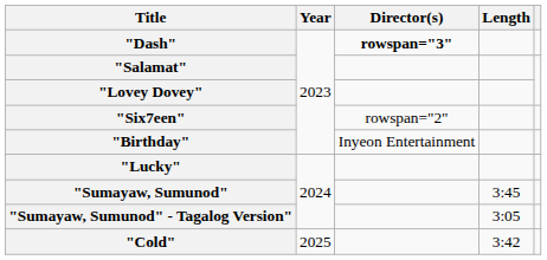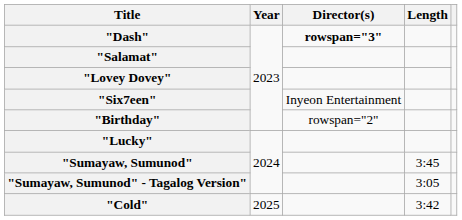 <table class="wikitable plainrowheaders" style="text-align:center">
 <tr>
 <th>Title</th>
 <th>Year</th>
 <th>Director(s)</th>
 <th>Length</th>
 <th></th>
 </tr>
 <tr>
 <th scope="row">"Dash"</th>
 <td rowspan="5">2023</td>
 <td><strong>rowspan="3" </strong></td>
 <td></td>
 <td></td>
 </tr>
 <tr>
 <th scope="row">"Salamat"</th>
 <td></td>
 <td></td>
 </tr>
 <tr>
 <th scope="row">"Lovey Dovey"</th>
 <td></td>
 <td></td>
 </tr>
 <tr>
 <th scope="row">"Six7een"</th>
-<td>rowspan="2" </td>
+<td rowspan="1">Inyeon Entertainment</td>
 <td></td>
 <td></td>
 </tr>
 <tr>
 <th scope="row">"Birthday"</th>
-<td rowspan="1">Inyeon Entertainment</td>
+<td>rowspan="2" </td>
 <td></td>
 <td></td>
 </tr>
 <tr>
 <th scope="row">"Lucky"</th>
 <td rowspan="3">2024</td>
 <td></td>
 <td></td>
 </tr>
 <tr>
 <th scope="row">"Sumayaw, Sumunod"</th>
 <td></td>
 <td>3:45</td>
 <td></td>
 </tr>
 <tr>
 <th scope="row">"Sumayaw, Sumunod" - Tagalog Version"</th>
 <td></td>
 <td>3:05</td>
 <td></td>
 </tr>
 <tr>
 <th scope="row">"Cold"</th>
 <td rowspan>2025</td>
 <td></td>
 <td>3:42</td>
 <td></td>
 </tr>
 </table>
